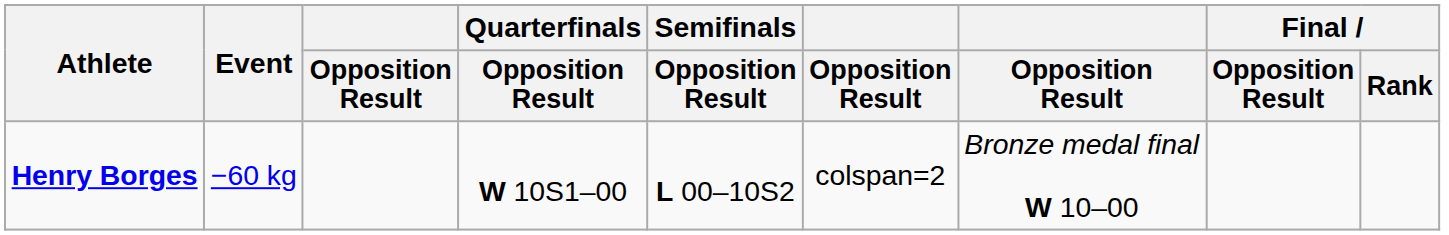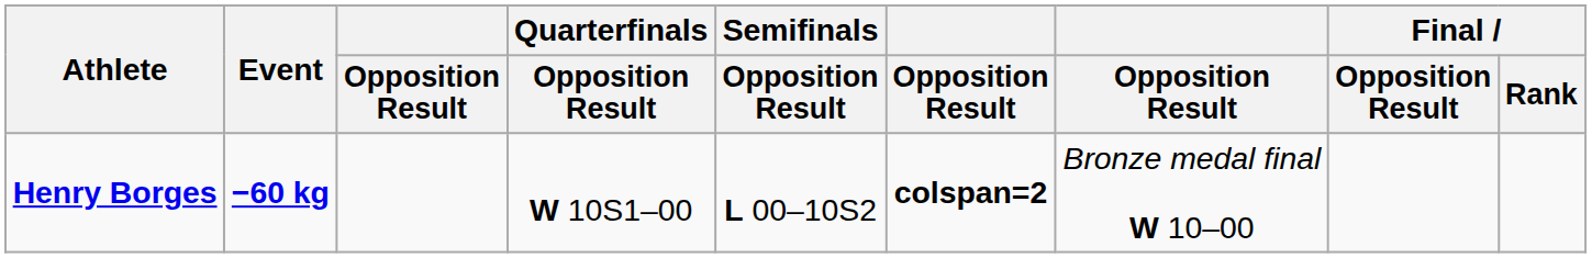 <table class="wikitable" style="font-size:90%">
 <tr>
 <th rowspan="2">Athlete</th>
 <th rowspan="2">Event</th>
 <th></th>
 <th>Quarterfinals</th>
 <th>Semifinals</th>
 <th></th>
 <th></th>
 <th colspan="2">Final / </th>
 </tr>
 <tr style="font-size:95%">
 <th>Opposition<br>Result</th>
 <th>Opposition<br>Result</th>
 <th>Opposition<br>Result</th>
 <th>Opposition<br>Result</th>
 <th>Opposition<br>Result</th>
 <th>Opposition<br>Result</th>
 <th>Rank</th>
 </tr>
 <tr align=center>
 <td align=left><strong><a href='#'>Henry Borges</a></strong></td>
-<td align=left><a href='#'>−60 kg</a></td>
+<td align=left><strong><a href='#'>−60 kg</a></strong></td>
 <td></td>
 <td><br><strong>W</strong> 10S1–00</td>
 <td><br><strong>L</strong> 00–10S2</td>
-<td>colspan=2 </td>
+<td><strong>colspan=2 </strong></td>
 <td><em>Bronze medal final</em><br><br><strong>W</strong> 10–00</td>
 <td></td>
 </tr>
 </table>
